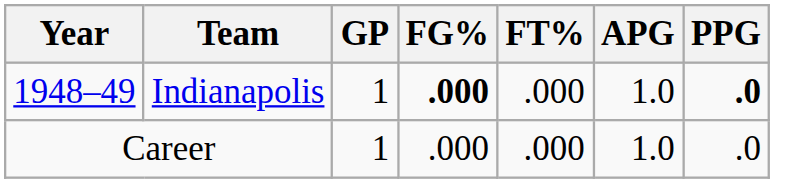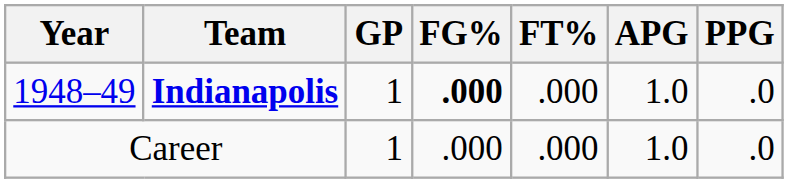 <table class="wikitable sortable" style="font-size:95%; text-align:right;">
 <tr>
 <th>Year</th>
 <th>Team</th>
 <th>GP</th>
 <th>FG%</th>
 <th>FT%</th>
 <th>APG</th>
 <th>PPG</th>
 </tr>
 <tr>
 <td style="text-align:left;"><a href='#'>1948–49</a></td>
-<td style="text-align:left;"><a href='#'>Indianapolis</a></td>
+<td style="text-align:left;"><strong><a href='#'>Indianapolis</a></strong></td>
 <td>1</td>
 <td><strong>.000</strong></td>
 <td>.000</td>
 <td>1.0</td>
-<td><strong>.0</strong></td>
+<td>.0</td>
 </tr>
 <tr>
 <td style="text-align:center;" colspan="2">Career</td>
 <td>1</td>
 <td>.000</td>
 <td>.000</td>
 <td>1.0</td>
 <td>.0</td>
 </tr>
 </table>
